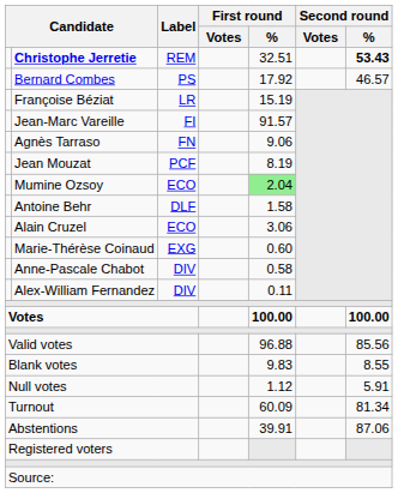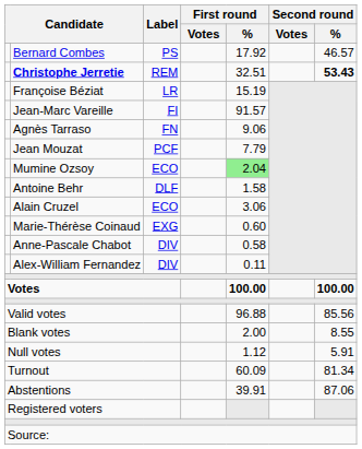 <table class="wikitable" style="text-align:right;font-size:95%;">
 <tr>
 <th rowspan="2" colspan="2">Candidate</th>
 <th rowspan="2">Label</th>
 <th colspan="2">First round</th>
 <th colspan="2">Second round</th>
 </tr>
 <tr>
 <th style="width:50px;">Votes</th>
 <th style="width:45px;">%</th>
 <th style="width:50px;">Votes</th>
 <th style="width:45px;">%</th>
 </tr>
 <tr>
 <td style="color:inherit;background:"></td>
+<td style="text-align:left;"><a href='#'>Bernard Combes</a></td>
+<td><a href='#'>PS</a></td>
+<td></td>
+<td>17.92</td>
+<td></td>
+<td>46.57</td>
+</tr>
+<tr>
+<td style="color:inherit;background:"></td>
 <td style="text-align:left;"><strong><a href='#'>Christophe Jerretie</a></strong></td>
 <td><a href='#'>REM</a></td>
 <td></td>
 <td>32.51</td>
 <td><strong></strong></td>
 <td><strong>53.43</strong></td>
-</tr>
-<tr>
-<td style="color:inherit;background:"></td>
-<td style="text-align:left;"><a href='#'>Bernard Combes</a></td>
-<td><a href='#'>PS</a></td>
-<td></td>
-<td>17.92</td>
-<td></td>
-<td>46.57</td>
 </tr>
 <tr>
 <td style="color:inherit;background:"></td>
 <td style="text-align:left;">Françoise Béziat</td>
 <td><a href='#'>LR</a></td>
 <td></td>
 <td>15.19</td>
 <td colspan="2" rowspan="10" style="background:#E9E9E9;"></td>
 </tr>
 <tr>
 <td style="color:inherit;background:"></td>
 <td style="text-align:left;">Jean-Marc Vareille</td>
 <td><a href='#'>FI</a></td>
 <td></td>
 <td>91.57</td>
 </tr>
 <tr>
 <td style="color:inherit;background:"></td>
 <td style="text-align:left;">Agnès Tarraso</td>
 <td><a href='#'>FN</a></td>
 <td></td>
 <td>9.06</td>
 </tr>
 <tr>
 <td style="color:inherit;background:"></td>
 <td style="text-align:left;">Jean Mouzat</td>
 <td><a href='#'>PCF</a></td>
 <td></td>
-<td>8.19</td>
+<td>7.79</td>
 </tr>
 <tr>
 <td style="color:inherit;background:"></td>
 <td style="text-align:left;">Mumine Ozsoy</td>
 <td><a href='#'>ECO</a></td>
 <td></td>
 <td style="background: lightgreen;">2.04</td>
 </tr>
 <tr>
 <td style="color:inherit;background:"></td>
 <td style="text-align:left;">Antoine Behr</td>
 <td><a href='#'>DLF</a></td>
 <td></td>
 <td>1.58</td>
 </tr>
 <tr>
 <td style="color:inherit;background:"></td>
 <td style="text-align:left;">Alain Cruzel</td>
 <td><a href='#'>ECO</a></td>
 <td></td>
 <td>3.06</td>
 </tr>
 <tr>
 <td style="color:inherit;background:"></td>
 <td style="text-align:left;">Marie-Thérèse Coinaud</td>
 <td><a href='#'>EXG</a></td>
 <td></td>
 <td>0.60</td>
 </tr>
 <tr>
 <td style="color:inherit;background:"></td>
 <td style="text-align:left;">Anne-Pascale Chabot</td>
 <td><a href='#'>DIV</a></td>
 <td></td>
 <td>0.58</td>
 </tr>
 <tr>
 <td style="color:inherit;background:"></td>
 <td style="text-align:left;">Alex-William Fernandez</td>
 <td><a href='#'>DIV</a></td>
 <td></td>
 <td>0.11</td>
 </tr>
 <tr>
 <td colspan="7" style="background:#E9E9E9;"></td>
 </tr>
 <tr style="font-weight:bold;">
 <td colspan="3" style="text-align:left;">Votes</td>
 <td></td>
 <td>100.00</td>
 <td></td>
 <td>100.00</td>
 </tr>
 <tr>
 <td colspan="7" style="background:#E9E9E9;"></td>
 </tr>
 <tr>
 <td colspan="3" style="text-align:left;">Valid votes</td>
 <td></td>
 <td>96.88</td>
 <td></td>
 <td>85.56</td>
 </tr>
 <tr>
 <td colspan="3" style="text-align:left;">Blank votes</td>
 <td></td>
-<td>9.83</td>
+<td>2.00</td>
 <td></td>
 <td>8.55</td>
 </tr>
 <tr>
 <td colspan="3" style="text-align:left;">Null votes</td>
 <td></td>
 <td>1.12</td>
 <td></td>
 <td>5.91</td>
 </tr>
 <tr>
 <td colspan="3" style="text-align:left;">Turnout</td>
 <td></td>
 <td>60.09</td>
 <td></td>
 <td>81.34</td>
 </tr>
 <tr>
 <td colspan="3" style="text-align:left;">Abstentions</td>
 <td></td>
 <td>39.91</td>
 <td></td>
 <td>87.06</td>
 </tr>
 <tr>
 <td colspan="3" style="text-align:left;">Registered voters</td>
 <td></td>
 <td style="color:inherit;background:#E9E9E9;"></td>
 <td></td>
 <td style="color:inherit;background:#E9E9E9;"></td>
 </tr>
 <tr>
 <td colspan="7" style="background:#E9E9E9;"></td>
 </tr>
 <tr>
 <td colspan="7" style="text-align:left;">Source: </td>
 </tr>
 </table>
